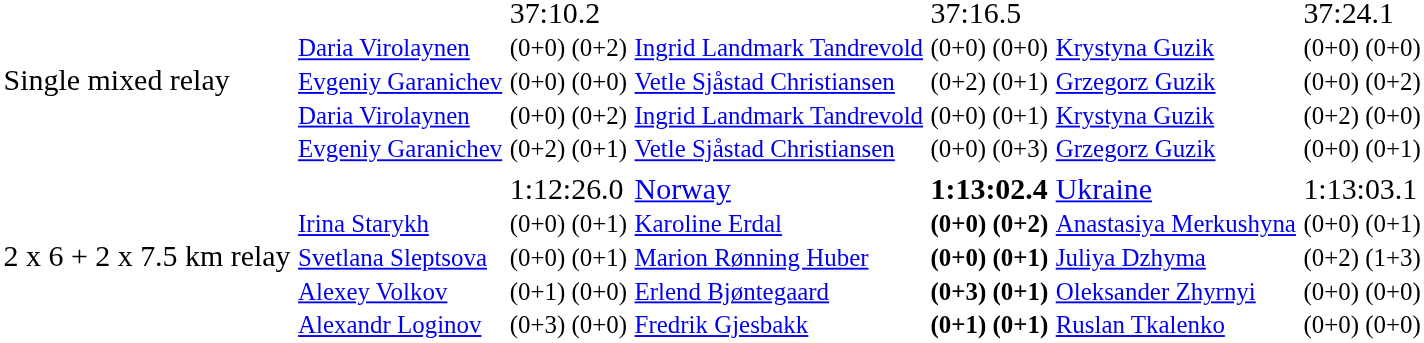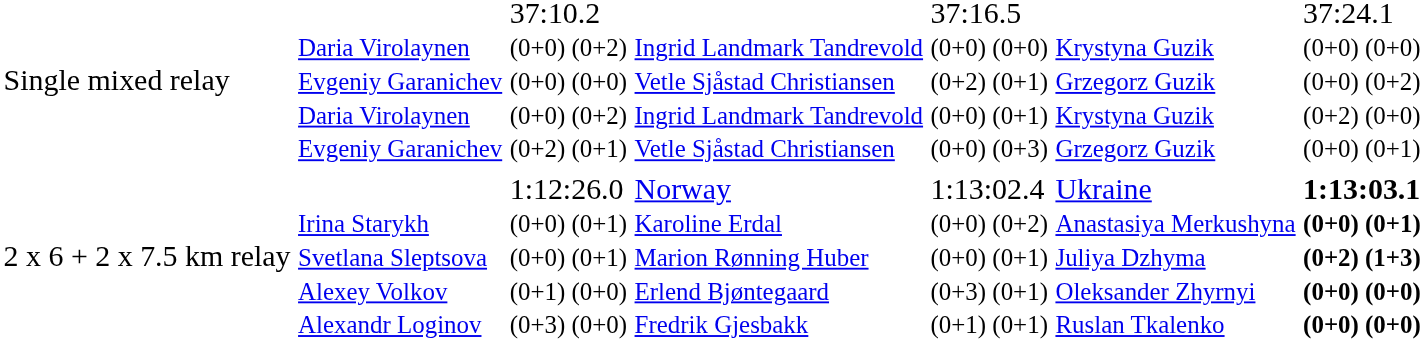 <table>
 <tr>
 <td>Single mixed relay<br> </td>
 <td><br><small><a href='#'>Daria Virolaynen</a><br><a href='#'>Evgeniy Garanichev</a><br><a href='#'>Daria Virolaynen</a><br><a href='#'>Evgeniy Garanichev</a></small></td>
 <td>37:10.2 <br><small>(0+0) (0+2)<br>(0+0) (0+0)<br>(0+0) (0+2)<br>(0+2) (0+1)</small></td>
 <td><br><small><a href='#'>Ingrid Landmark Tandrevold</a><br><a href='#'>Vetle Sjåstad Christiansen</a><br><a href='#'>Ingrid Landmark Tandrevold</a><br><a href='#'>Vetle Sjåstad Christiansen</a></small></td>
 <td>37:16.5 <br><small>(0+0) (0+0)<br>(0+2) (0+1)<br>(0+0) (0+1)<br>(0+0) (0+3)</small></td>
 <td><br><small><a href='#'>Krystyna Guzik</a><br><a href='#'>Grzegorz Guzik</a> <br><a href='#'>Krystyna Guzik</a><br><a href='#'>Grzegorz Guzik</a></small></td>
 <td>37:24.1 <br><small>(0+0) (0+0)<br>(0+0) (0+2)<br>(0+2) (0+0)<br>(0+0) (0+1)</small></td>
 </tr>
 <tr>
 <td>2 x 6 + 2 x 7.5 km relay<br><em></em></td>
 <td><br><small><a href='#'>Irina Starykh</a><br><a href='#'>Svetlana Sleptsova</a><br><a href='#'>Alexey Volkov</a><br><a href='#'>Alexandr Loginov</a></small></td>
 <td>1:12:26.0 <br><small>(0+0) (0+1)<br>(0+0) (0+1)<br>(0+1) (0+0)<br>(0+3) (0+0)</small>  <br></td>
 <td> <a href='#'>Norway</a><br><small><a href='#'>Karoline Erdal</a><br><a href='#'>Marion Rønning Huber</a><br><a href='#'>Erlend Bjøntegaard</a><br><a href='#'>Fredrik Gjesbakk</a></small></td>
-<td><strong>1:13:02.4 <br><small>(0+0) (0+2)<br>(0+0) (0+1)<br>(0+3) (0+1)<br>(0+1) (0+1)</small>  <br></strong></td>
+<td>1:13:02.4 <br><small>(0+0) (0+2)<br>(0+0) (0+1)<br>(0+3) (0+1)<br>(0+1) (0+1)</small>  <br></td>
 <td> <a href='#'>Ukraine</a><br><small><a href='#'>Anastasiya Merkushyna</a><br><a href='#'>Juliya Dzhyma</a><br><a href='#'>Oleksander Zhyrnyi</a><br><a href='#'>Ruslan Tkalenko</a></small></td>
-<td>1:13:03.1 <br><small>(0+0) (0+1)<br>(0+2) (1+3)<br>(0+0) (0+0)<br>(0+0) (0+0)</small></td>
+<td><strong>1:13:03.1 <br><small>(0+0) (0+1)<br>(0+2) (1+3)<br>(0+0) (0+0)<br>(0+0) (0+0)</small></strong></td>
 </tr>
 </table>
